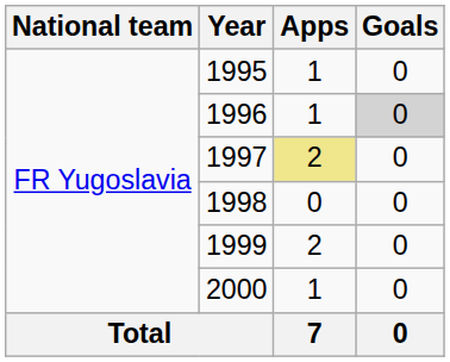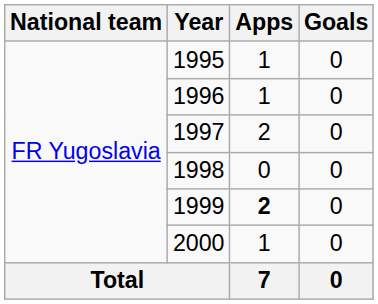 <table class="wikitable" style="text-align:center">
 <tr>
 <th>National team</th>
 <th>Year</th>
 <th>Apps</th>
 <th>Goals</th>
 </tr>
 <tr>
 <td rowspan="6"><a href='#'>FR Yugoslavia</a></td>
 <td>1995</td>
 <td>1</td>
 <td>0</td>
 </tr>
 <tr>
 <td>1996</td>
 <td>1</td>
-<td style="background: lightgrey;">0</td>
+<td>0</td>
 </tr>
 <tr>
 <td>1997</td>
-<td style="background: khaki;">2</td>
+<td>2</td>
 <td>0</td>
 </tr>
 <tr>
 <td>1998</td>
 <td>0</td>
 <td>0</td>
 </tr>
 <tr>
 <td>1999</td>
-<td>2</td>
+<td><strong>2</strong></td>
 <td>0</td>
 </tr>
 <tr>
 <td>2000</td>
 <td>1</td>
 <td>0</td>
 </tr>
 <tr>
 <th colspan="2">Total</th>
 <th>7</th>
 <th>0</th>
 </tr>
 </table>
